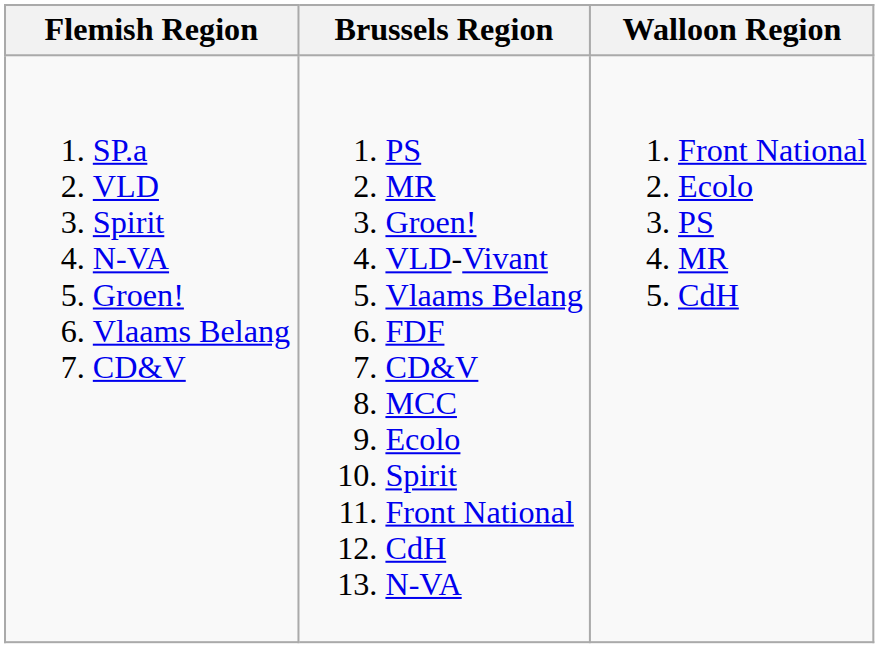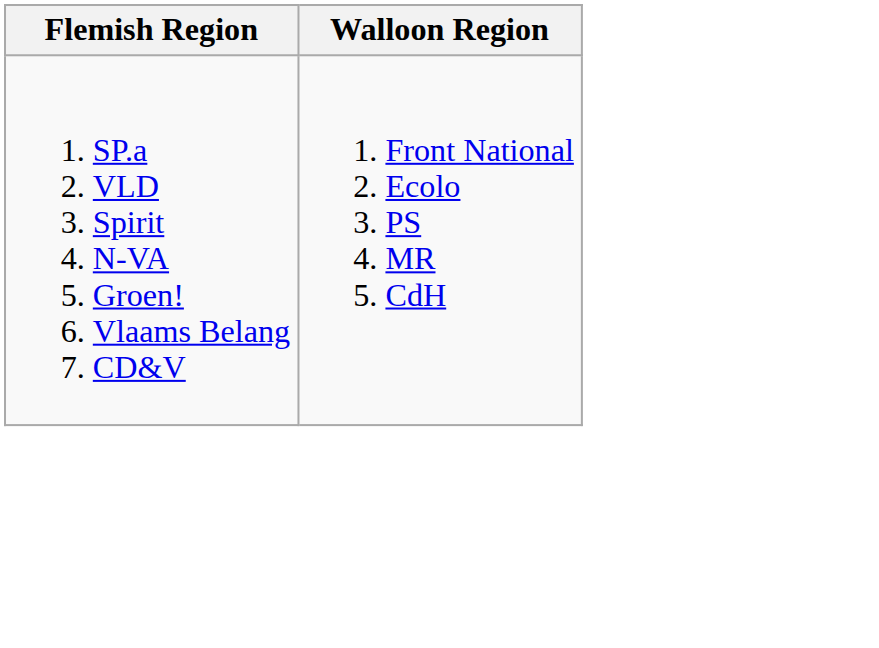 <table class="wikitable">
 <tr>
 <th>Flemish Region</th>
-<th>Brussels Region</th>
 <th>Walloon Region</th>
 </tr>
 <tr>
 <td valign="top"><br><ol><li><a href='#'>SP.a</a></li><li><a href='#'>VLD</a></li><li><a href='#'>Spirit</a></li><li><a href='#'>N-VA</a></li><li><a href='#'>Groen!</a></li><li><a href='#'>Vlaams Belang</a></li><li><a href='#'>CD&V</a></li></ol></td>
-<td valign="top"><br><ol><li><a href='#'>PS</a></li><li><a href='#'>MR</a></li><li><a href='#'>Groen!</a></li><li><a href='#'>VLD</a>-<a href='#'>Vivant</a></li><li><a href='#'>Vlaams Belang</a></li><li><a href='#'>FDF</a></li><li><a href='#'>CD&V</a></li><li><a href='#'>MCC</a></li><li><a href='#'>Ecolo</a></li><li><a href='#'>Spirit</a></li><li><a href='#'>Front National</a></li><li><a href='#'>CdH</a></li><li><a href='#'>N-VA</a></li></ol></td>
 <td valign="top"><br><ol><li><a href='#'>Front National</a></li><li><a href='#'>Ecolo</a></li><li><a href='#'>PS</a></li><li><a href='#'>MR</a></li><li><a href='#'>CdH</a></li></ol></td>
 </tr>
 </table>
